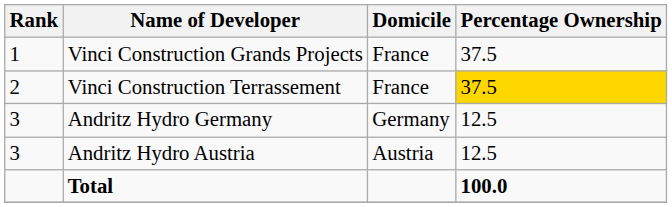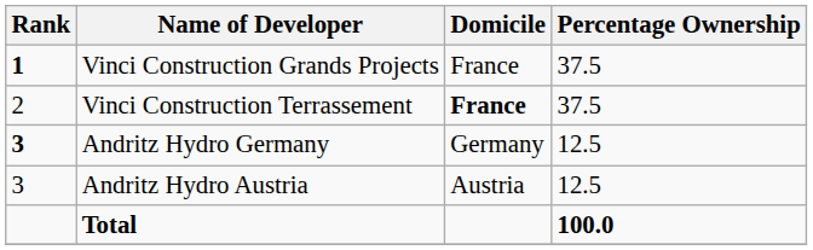 <table class="wikitable sortable" style="margin: 0.5em auto">
 <tr>
 <th>Rank</th>
 <th>Name of Developer</th>
 <th>Domicile</th>
 <th>Percentage Ownership</th>
 </tr>
 <tr>
-<td>1</td>
+<td><strong>1</strong></td>
 <td>Vinci Construction Grands Projects</td>
 <td>France</td>
 <td>37.5</td>
 </tr>
 <tr>
 <td>2</td>
 <td>Vinci Construction Terrassement</td>
-<td>France</td>
-<td style="background: gold;">37.5</td>
+<td><strong>France</strong></td>
+<td>37.5</td>
 </tr>
 <tr>
-<td>3</td>
+<td><strong>3</strong></td>
 <td>Andritz Hydro Germany</td>
 <td>Germany</td>
 <td>12.5</td>
 </tr>
 <tr>
 <td>3</td>
 <td>Andritz Hydro Austria</td>
 <td>Austria</td>
 <td>12.5</td>
 </tr>
 <tr>
 <td></td>
 <td><strong>Total</strong></td>
 <td></td>
 <td><strong>100.0</strong></td>
 </tr>
 <tr>
 </tr>
 </table>
